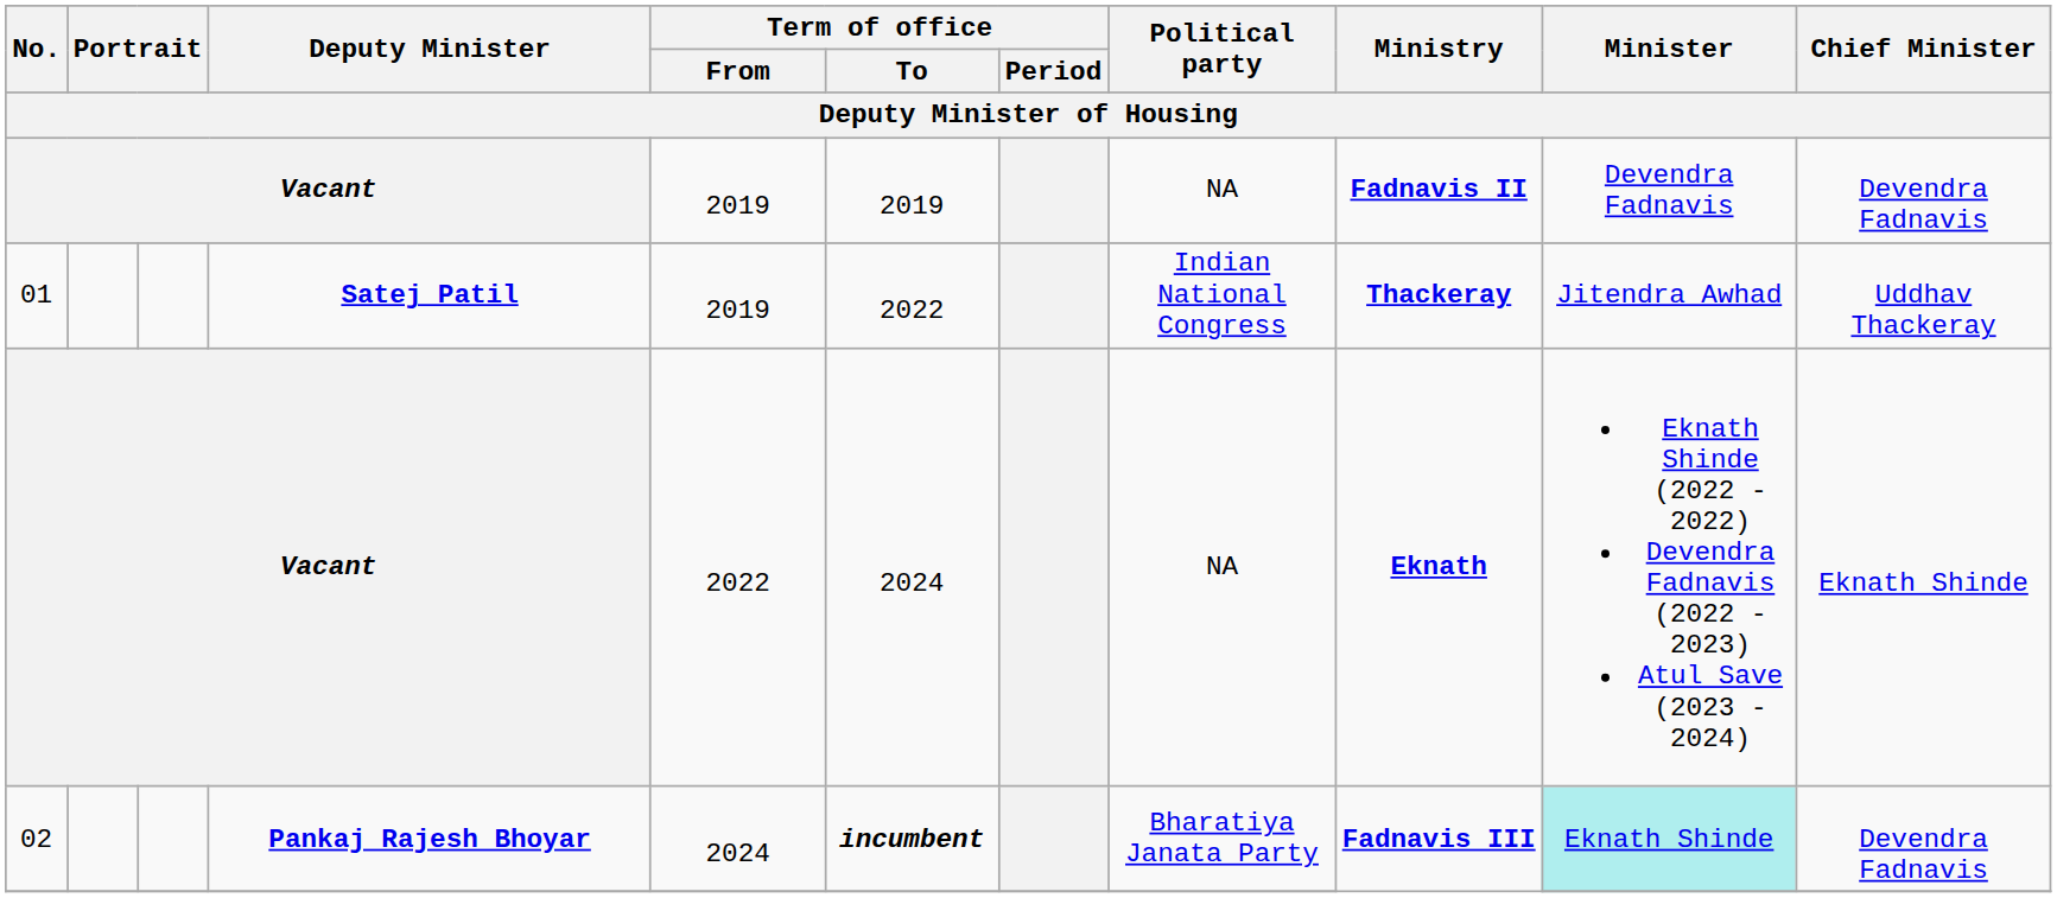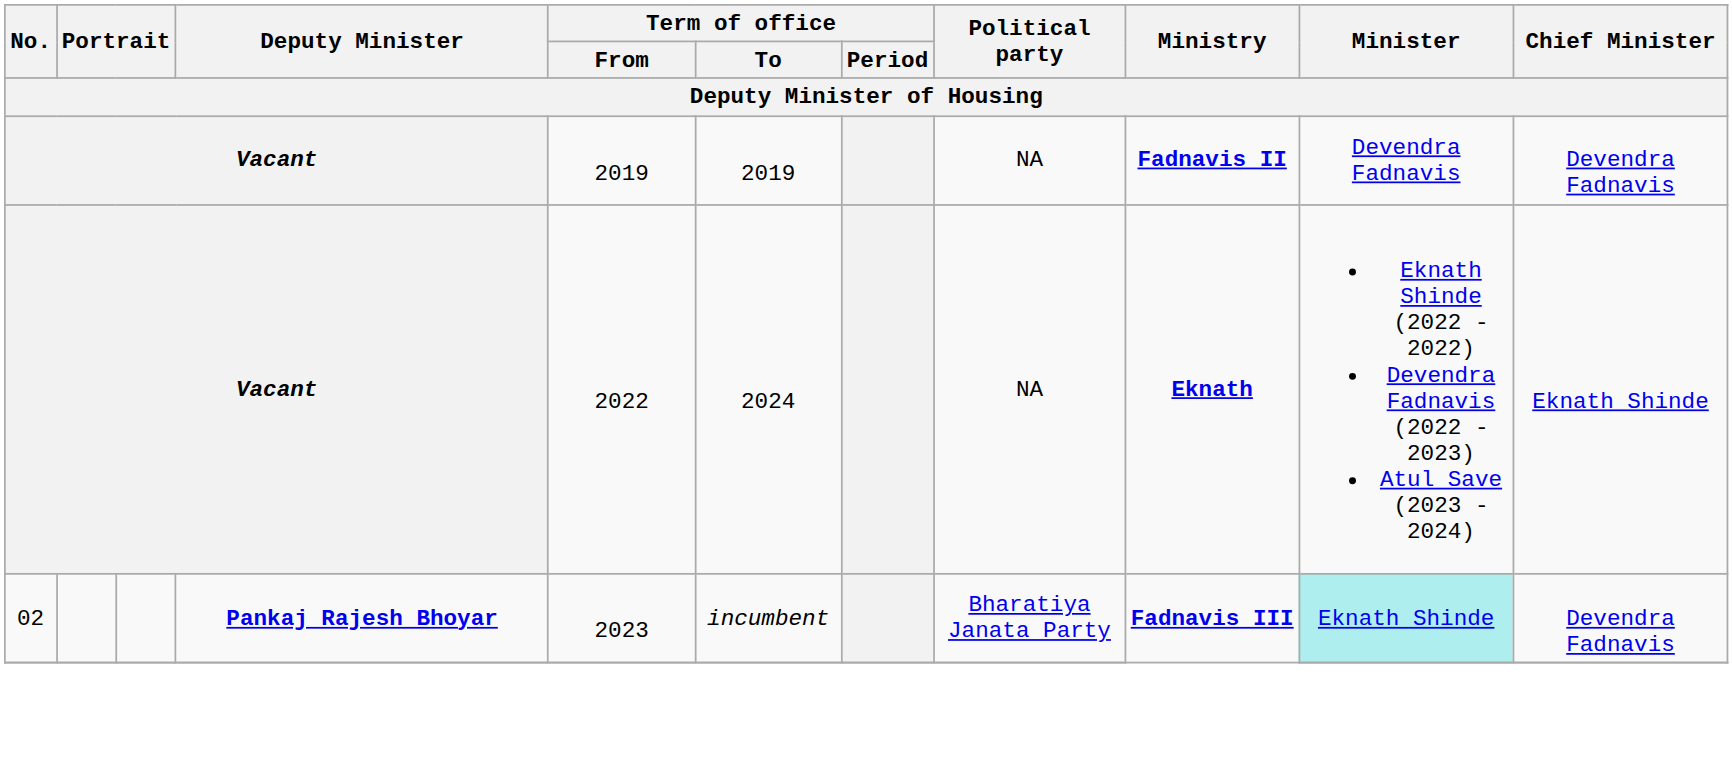 <table class="wikitable" style="text-align:center">
 <tr>
 <th rowspan="2">No.</th>
 <th rowspan="2" colspan="2">Portrait</th>
 <th rowspan="2" style="width:16em">Deputy Minister<br></th>
 <th colspan="3">Term of office</th>
 <th rowspan="2" style="width:8em">Political party</th>
 <th rowspan="2">Ministry</th>
 <th rowspan="2" style="width:9em">Minister</th>
 <th rowspan="2" style="width:9em">Chief Minister</th>
 </tr>
 <tr>
 <th style="width:6em">From</th>
 <th style="width:6em">To</th>
 <th>Period</th>
 </tr>
 <tr>
 <th colspan="11">Deputy Minister of Housing</th>
 </tr>
 <tr>
 <th colspan="04"><strong><em>Vacant</em></strong></th>
 <td><br>2019</td>
 <td><br>2019</td>
 <th></th>
 <td>NA</td>
 <td rowspan="1"><a href='#'><strong>Fadnavis II</strong></a></td>
 <td><a href='#'>Devendra Fadnavis</a></td>
 <td rowspan="1"> <br><a href='#'>Devendra Fadnavis</a></td>
 </tr>
 <tr>
-<td>01</td>
-<td style="color:inherit;background:"></td>
-<td></td>
-<td><strong><a href='#'>Satej Patil</a></strong> <br> </td>
-<td><br>2019</td>
-<td><br>2022</td>
-<th></th>
-<td><a href='#'>Indian National Congress</a></td>
-<td rowspan="1"><a href='#'><strong>Thackeray</strong></a></td>
-<td><a href='#'>Jitendra Awhad</a></td>
-<td rowspan="1"> <br><a href='#'>Uddhav Thackeray</a></td>
-</tr>
-<tr>
 <th colspan="04"><strong><em>Vacant </em></strong></th>
 <td><br>2022</td>
 <td><br>2024</td>
 <th></th>
 <td>NA</td>
 <td rowspan="1"><a href='#'><strong>Eknath</strong></a></td>
 <td><br><ul><li><a href='#'>Eknath Shinde</a><br>(2022 - 2022)</li><li><a href='#'>Devendra Fadnavis</a><br>(2022 - 2023)</li><li><a href='#'>Atul Save</a><br> (2023 - 2024)</li></ul></td>
 <td rowspan="1"> <br><a href='#'>Eknath Shinde</a></td>
 </tr>
 <tr>
 <td>02</td>
 <td style="color:inherit;background:"></td>
 <td></td>
 <td><strong><a href='#'>Pankaj Rajesh Bhoyar</a></strong> <br> </td>
-<td><br>2024</td>
-<td><strong><em>incumbent</em></strong></td>
+<td><br>2023</td>
+<td><em>incumbent</em></td>
 <th></th>
 <td><a href='#'>Bharatiya Janata Party</a></td>
 <td rowspan="2"><a href='#'><strong>Fadnavis III</strong></a></td>
 <td rowspan="1" style="background: paleturquoise;"><a href='#'>Eknath Shinde</a></td>
 <td rowspan="1"> <br><a href='#'>Devendra Fadnavis</a></td>
 </tr>
 <tr>
 </tr>
 </table>
